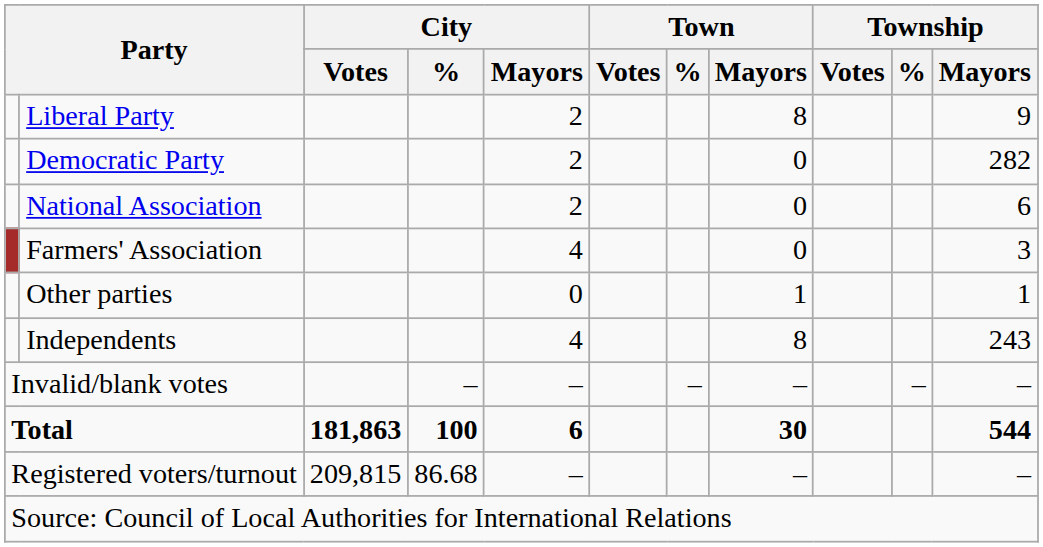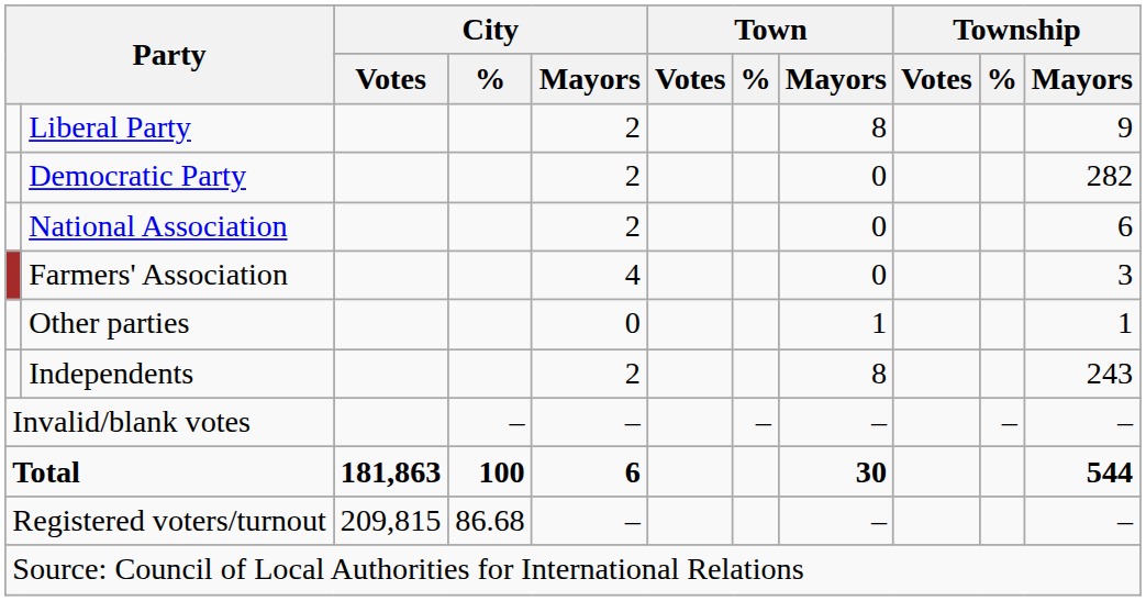 <table class="wikitable" style="text-align:right">
 <tr>
 <th colspan="2" rowspan="2">Party</th>
 <th colspan="3">City</th>
 <th colspan="3">Town</th>
 <th colspan="3">Township</th>
 </tr>
 <tr>
 <th>Votes</th>
 <th>%</th>
 <th>Mayors</th>
 <th>Votes</th>
 <th>%</th>
 <th>Mayors</th>
 <th>Votes</th>
 <th>%</th>
 <th>Mayors</th>
 </tr>
 <tr>
 <td></td>
 <td align="left"><a href='#'>Liberal Party</a></td>
 <td></td>
 <td></td>
 <td>2</td>
 <td></td>
 <td></td>
 <td>8</td>
 <td></td>
 <td></td>
 <td>9</td>
 </tr>
 <tr>
 <td></td>
 <td align="left"><a href='#'>Democratic Party</a></td>
 <td></td>
 <td></td>
 <td>2</td>
 <td></td>
 <td></td>
 <td>0</td>
 <td></td>
 <td></td>
 <td>282</td>
 </tr>
 <tr>
 <td></td>
 <td align="left"><a href='#'>National Association</a></td>
 <td></td>
 <td></td>
 <td>2</td>
 <td></td>
 <td></td>
 <td>0</td>
 <td></td>
 <td></td>
 <td>6</td>
 </tr>
 <tr>
 <td bgcolor="brown"></td>
 <td align="left">Farmers' Association</td>
 <td></td>
 <td></td>
 <td>4</td>
 <td></td>
 <td></td>
 <td>0</td>
 <td></td>
 <td></td>
 <td>3</td>
 </tr>
 <tr>
 <td></td>
 <td align="left">Other parties</td>
 <td></td>
 <td></td>
 <td>0</td>
 <td></td>
 <td></td>
 <td>1</td>
 <td></td>
 <td></td>
 <td>1</td>
 </tr>
 <tr>
 <td></td>
 <td align="left">Independents</td>
 <td></td>
 <td></td>
-<td>4</td>
+<td>2</td>
 <td></td>
 <td></td>
 <td>8</td>
 <td></td>
 <td></td>
 <td>243</td>
 </tr>
 <tr>
 <td colspan="2" align="left">Invalid/blank votes</td>
 <td></td>
 <td>–</td>
 <td>–</td>
 <td></td>
 <td>–</td>
 <td>–</td>
 <td></td>
 <td>–</td>
 <td>–</td>
 </tr>
 <tr>
 <td colspan="2" align="left"><strong>Total</strong></td>
 <td><strong>181,863</strong></td>
 <td><strong>100</strong></td>
 <td><strong>6</strong></td>
 <td></td>
 <td></td>
 <td><strong>30</strong></td>
 <td></td>
 <td></td>
 <td><strong>544</strong></td>
 </tr>
 <tr>
 <td colspan="2" align="left">Registered voters/turnout</td>
 <td>209,815</td>
 <td>86.68</td>
 <td>–</td>
 <td></td>
 <td></td>
 <td>–</td>
 <td></td>
 <td></td>
 <td>–</td>
 </tr>
 <tr>
 <td colspan="11" align="left">Source: Council of Local Authorities for International Relations</td>
 </tr>
 </table>
